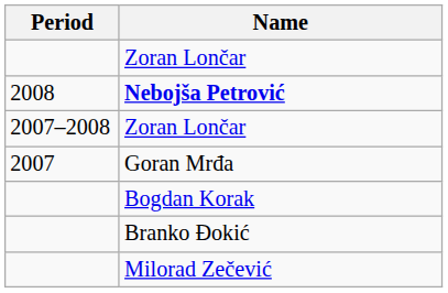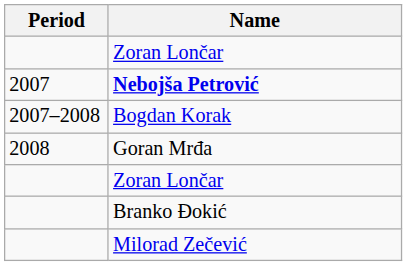 <table class="wikitable">
 <tr>
 <th width="75">Period</th>
 <th width="225">Name</th>
 </tr>
 <tr>
 <td></td>
 <td> <a href='#'>Zoran Lončar</a></td>
 </tr>
 <tr>
-<td>2008</td>
+<td>2007</td>
 <td><strong> <a href='#'>Nebojša Petrović</a></strong></td>
 </tr>
 <tr>
 <td>2007–2008</td>
-<td> <a href='#'>Zoran Lončar</a></td>
+<td> <a href='#'>Bogdan Korak</a></td>
 </tr>
 <tr>
-<td>2007</td>
+<td>2008</td>
 <td> Goran Mrđa</td>
 </tr>
 <tr>
 <td></td>
-<td> <a href='#'>Bogdan Korak</a></td>
+<td> <a href='#'>Zoran Lončar</a></td>
 </tr>
 <tr>
 <td></td>
 <td> Branko Đokić</td>
 </tr>
 <tr>
 <td></td>
 <td> <a href='#'>Milorad Zečević</a></td>
 </tr>
 </table>
